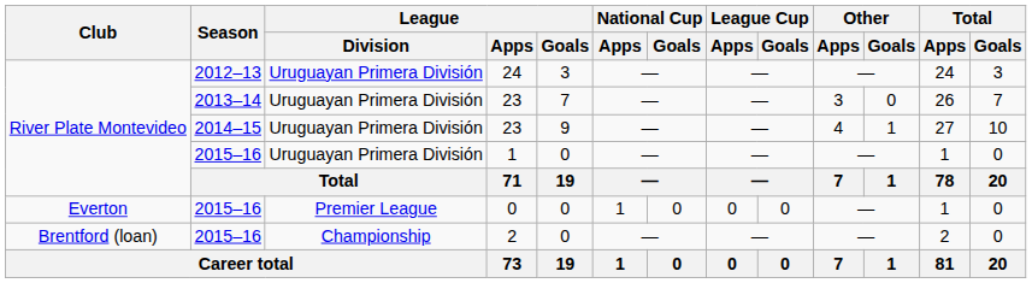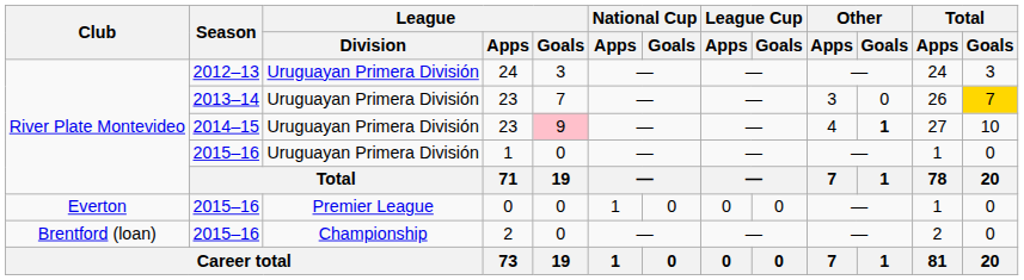 <table class="wikitable" style="text-align: center;">
 <tr>
 <th rowspan=2>Club</th>
 <th rowspan=2>Season</th>
 <th colspan=3>League</th>
 <th colspan=2>National Cup</th>
 <th colspan=2>League Cup</th>
 <th colspan=2>Other</th>
 <th colspan=2>Total</th>
 </tr>
 <tr>
 <th>Division</th>
 <th>Apps</th>
 <th>Goals</th>
 <th>Apps</th>
 <th>Goals</th>
 <th>Apps</th>
 <th>Goals</th>
 <th>Apps</th>
 <th>Goals</th>
 <th>Apps</th>
 <th>Goals</th>
 </tr>
 <tr>
 <td rowspan=5><a href='#'>River Plate Montevideo</a></td>
 <td><a href='#'>2012–13</a></td>
 <td><a href='#'>Uruguayan Primera División</a></td>
 <td>24</td>
 <td>3</td>
 <td colspan="2">—</td>
 <td colspan="2">—</td>
 <td colspan="2">—</td>
 <td>24</td>
 <td>3</td>
 </tr>
 <tr>
 <td><a href='#'>2013–14</a></td>
 <td>Uruguayan Primera División</td>
 <td>23</td>
 <td>7</td>
 <td colspan="2">—</td>
 <td colspan="2">—</td>
 <td>3</td>
 <td>0</td>
 <td>26</td>
-<td>7</td>
+<td style="background: gold;">7</td>
 </tr>
 <tr>
 <td><a href='#'>2014–15</a></td>
 <td>Uruguayan Primera División</td>
 <td>23</td>
-<td>9</td>
+<td style="background: pink;">9</td>
 <td colspan="2">—</td>
 <td colspan="2">—</td>
 <td>4</td>
-<td>1</td>
+<td><strong>1</strong></td>
 <td>27</td>
 <td>10</td>
 </tr>
 <tr>
 <td><a href='#'>2015–16</a></td>
 <td>Uruguayan Primera División</td>
 <td>1</td>
 <td>0</td>
 <td colspan="2">—</td>
 <td colspan="2">—</td>
 <td colspan="2">—</td>
 <td>1</td>
 <td>0</td>
 </tr>
 <tr>
 <th colspan=2>Total</th>
 <th>71</th>
 <th>19</th>
 <th colspan="2">—</th>
 <th colspan="2">—</th>
 <th>7</th>
 <th>1</th>
 <th>78</th>
 <th>20</th>
 </tr>
 <tr>
 <td><a href='#'>Everton</a></td>
 <td><a href='#'>2015–16</a></td>
 <td><a href='#'>Premier League</a></td>
 <td>0</td>
 <td>0</td>
 <td>1</td>
 <td>0</td>
 <td>0</td>
 <td>0</td>
 <td colspan="2">—</td>
 <td>1</td>
 <td>0</td>
 </tr>
 <tr>
 <td><a href='#'>Brentford</a> (loan)</td>
 <td><a href='#'>2015–16</a></td>
 <td><a href='#'>Championship</a></td>
 <td>2</td>
 <td>0</td>
 <td colspan="2">—</td>
 <td colspan="2">—</td>
 <td colspan="2">—</td>
 <td>2</td>
 <td>0</td>
 </tr>
 <tr>
 <th colspan=3>Career total</th>
 <th>73</th>
 <th>19</th>
 <th>1</th>
 <th>0</th>
 <th>0</th>
 <th>0</th>
 <th>7</th>
 <th>1</th>
 <th>81</th>
 <th>20</th>
 </tr>
 </table>
